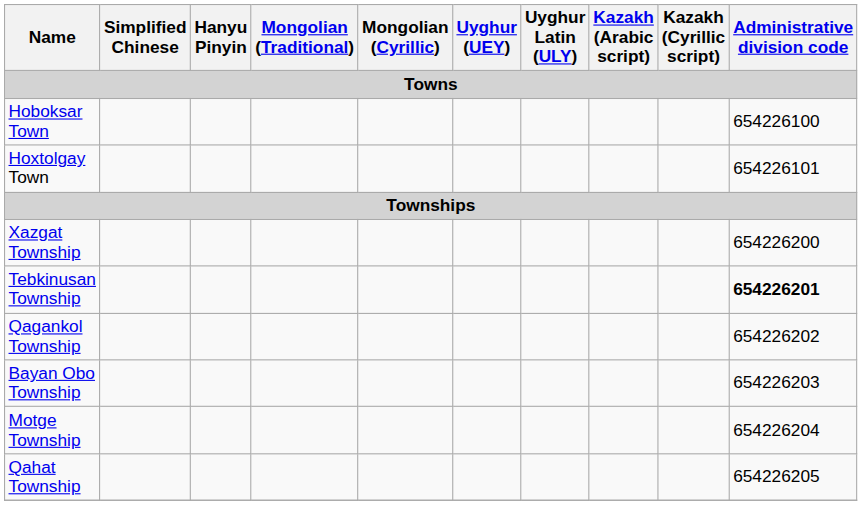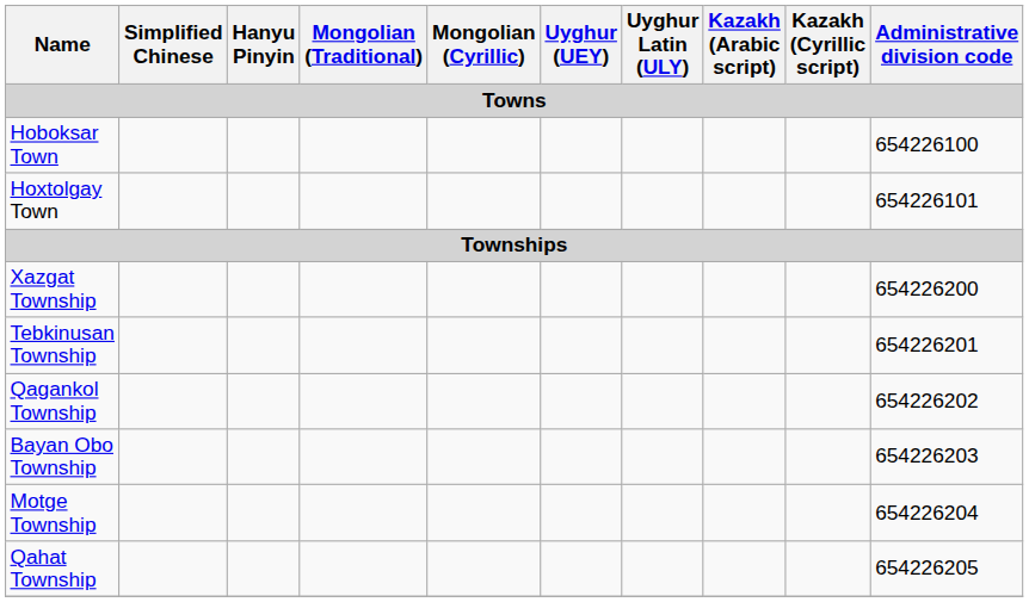 <table class="wikitable" align="center" style="width:50%; border="1">
 <tr>
 <th>Name</th>
 <th>Simplified Chinese</th>
 <th>Hanyu Pinyin</th>
 <th><a href='#'>Mongolian</a> (<a href='#'>Traditional</a>)</th>
 <th>Mongolian (<a href='#'>Cyrillic</a>)</th>
 <th><a href='#'>Uyghur</a> (<a href='#'>UEY</a>)</th>
 <th>Uyghur Latin (<a href='#'>ULY</a>)</th>
 <th><a href='#'>Kazakh</a> (Arabic script)</th>
 <th>Kazakh (Cyrillic script)</th>
 <th><a href='#'>Administrative division code</a></th>
 </tr>
 <tr>
 <td colspan="10"  style="text-align:center; background:#d3d3d3;"><strong>Towns</strong></td>
 </tr>
 <tr --------->
 <td><a href='#'>Hoboksar Town</a></td>
 <td></td>
 <td></td>
 <td></td>
 <td></td>
 <td></td>
 <td></td>
 <td></td>
 <td></td>
 <td>654226100</td>
 </tr>
 <tr>
 <td><a href='#'>Hoxtolgay</a> Town</td>
 <td></td>
 <td></td>
 <td></td>
 <td></td>
 <td></td>
 <td></td>
 <td></td>
 <td></td>
 <td>654226101</td>
 </tr>
 <tr>
 <td colspan="10"  style="text-align:center; background:#d3d3d3;"><strong>Townships</strong></td>
 </tr>
 <tr --------->
 <td><a href='#'>Xazgat Township</a></td>
 <td></td>
 <td></td>
 <td></td>
 <td></td>
 <td></td>
 <td></td>
 <td></td>
 <td></td>
 <td>654226200</td>
 </tr>
 <tr>
 <td><a href='#'>Tebkinusan Township</a></td>
 <td></td>
 <td></td>
 <td></td>
 <td></td>
 <td></td>
 <td></td>
 <td></td>
 <td></td>
-<td><strong>654226201</strong></td>
+<td>654226201</td>
 </tr>
 <tr>
 <td><a href='#'>Qagankol Township</a></td>
 <td></td>
 <td></td>
 <td></td>
 <td></td>
 <td></td>
 <td></td>
 <td></td>
 <td></td>
 <td>654226202</td>
 </tr>
 <tr>
 <td><a href='#'>Bayan Obo Township</a></td>
 <td></td>
 <td></td>
 <td></td>
 <td></td>
 <td></td>
 <td></td>
 <td></td>
 <td></td>
 <td>654226203</td>
 </tr>
 <tr>
 <td><a href='#'>Motge Township</a></td>
 <td></td>
 <td></td>
 <td></td>
 <td></td>
 <td></td>
 <td></td>
 <td></td>
 <td></td>
 <td>654226204</td>
 </tr>
 <tr>
 <td><a href='#'>Qahat Township</a></td>
 <td></td>
 <td></td>
 <td></td>
 <td></td>
 <td></td>
 <td></td>
 <td></td>
 <td></td>
 <td>654226205</td>
 </tr>
 <tr>
 </tr>
 </table>
